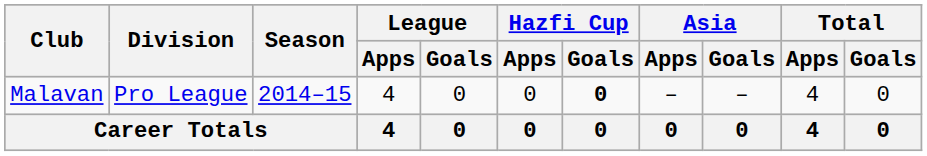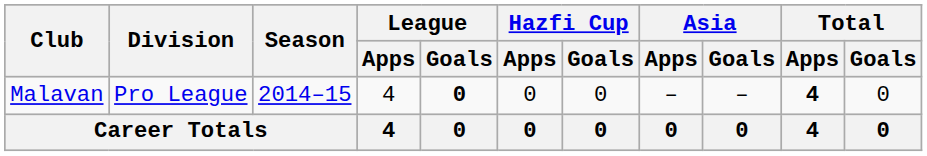 <table class="wikitable" style="text-align: center;">
 <tr>
 <th rowspan="2">Club</th>
 <th rowspan="2">Division</th>
 <th rowspan="2">Season</th>
 <th colspan="2">League</th>
 <th colspan="2"><a href='#'>Hazfi Cup</a></th>
 <th colspan="2"><a href='#'>Asia</a></th>
 <th colspan="2">Total</th>
 </tr>
 <tr>
 <th>Apps</th>
 <th>Goals</th>
 <th>Apps</th>
 <th>Goals</th>
 <th>Apps</th>
 <th>Goals</th>
 <th>Apps</th>
 <th>Goals</th>
 </tr>
 <tr>
 <td><a href='#'>Malavan</a></td>
 <td><a href='#'>Pro League</a></td>
 <td><a href='#'>2014–15</a></td>
 <td>4</td>
+<td><strong>0</strong></td>
 <td>0</td>
 <td>0</td>
-<td><strong>0</strong></td>
 <td>–</td>
 <td>–</td>
-<td>4</td>
+<td><strong>4</strong></td>
 <td>0</td>
 </tr>
 <tr>
 <th colspan=3>Career Totals</th>
 <th>4</th>
 <th>0</th>
 <th>0</th>
 <th>0</th>
 <th>0</th>
 <th>0</th>
 <th>4</th>
 <th>0</th>
 </tr>
 </table>
